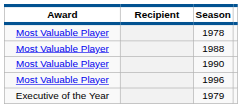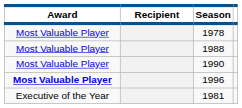 <table class="wikitable sortable plainrowheaders" style="text-align:center">
 <tr>
 <th width="180px" scope="col" style="background-color:#ffffff; border-top:#025291 5px solid; border-bottom:#025291 5px solid">Award</th>
 <th width="110px" scope="col" style="background-color:#ffffff; border-top:#025291 5px solid; border-bottom:#025291 5px solid">Recipient</th>
 <th scope="col" style="background-color:#ffffff; border-top:#025291 5px solid; border-bottom:#025291 5px solid">Season</th>
 <th class="unsortable" scope="col" style="background-color:#ffffff; border-top:#025291 5px solid; border-bottom:#025291 5px solid"></th>
 </tr>
 <tr>
 <td><a href='#'>Most Valuable Player</a></td>
 <th scope="row" style="text-align:center"></th>
 <td>1978</td>
 <td></td>
 </tr>
 <tr>
 <td><a href='#'>Most Valuable Player</a></td>
 <th scope="row" style="text-align:center"></th>
 <td>1988</td>
 <td></td>
 </tr>
 <tr>
 <td><a href='#'>Most Valuable Player</a></td>
 <th scope="row" style="text-align:center"></th>
 <td>1990</td>
 <td></td>
 </tr>
 <tr>
-<td><a href='#'>Most Valuable Player</a></td>
+<td><strong><a href='#'>Most Valuable Player</a></strong></td>
 <th scope="row" style="text-align:center"></th>
 <td>1996</td>
 <td></td>
 </tr>
 <tr>
 <td>Executive of the Year</td>
 <th scope="row" style="text-align:center"></th>
-<td>1979</td>
+<td>1981</td>
 <td></td>
 </tr>
 </table>
